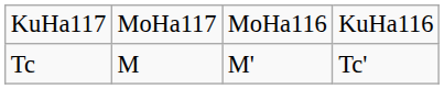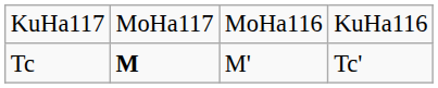 <table class="wikitable">
 <tr>
 <td>KuHa117</td>
 <td>MoHa117</td>
 <td>MoHa116</td>
 <td>KuHa116</td>
 </tr>
 <tr>
 <td>Tc</td>
-<td>M</td>
+<td><strong>M</strong></td>
 <td>M'</td>
 <td>Tc'</td>
 </tr>
 </table>
